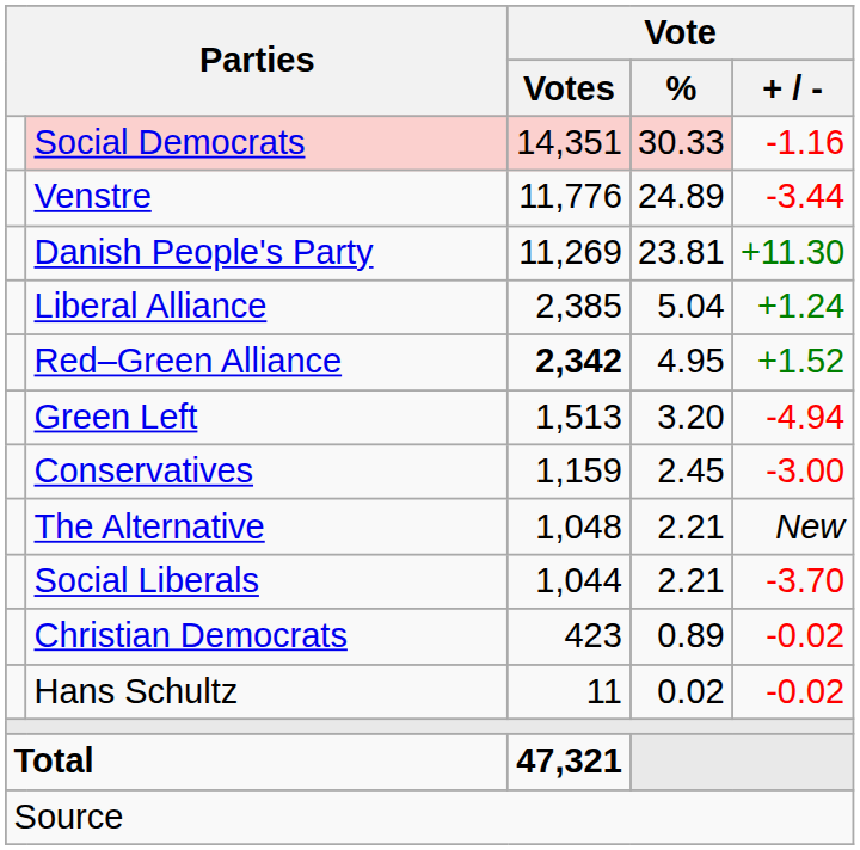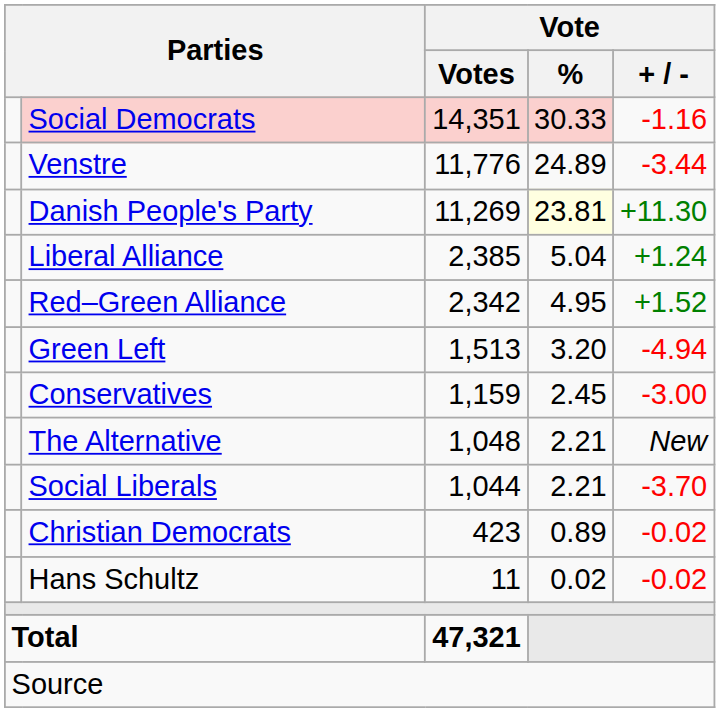 <table class="wikitable" style="text-align:right;">
 <tr>
 <th style="text-align:centre;" rowspan="2" colspan="2" width="225">Parties</th>
 <th colspan="3">Vote</th>
 </tr>
 <tr>
 <th width="15">Votes</th>
 <th width="15">%</th>
 <th width="15">+ / -</th>
 </tr>
 <tr>
 <td width="2" style="color:inherit;background:"></td>
 <td bgcolor=#fbd0ce  align="left"><a href='#'>Social Democrats</a></td>
 <td bgcolor=#fbd0ce>14,351</td>
 <td bgcolor=#fbd0ce>30.33</td>
 <td style=color:red;>-1.16</td>
 </tr>
 <tr>
 <td width="2" style="color:inherit;background:"></td>
 <td align="left"><a href='#'>Venstre</a></td>
 <td>11,776</td>
 <td>24.89</td>
 <td style=color:red;>-3.44</td>
 </tr>
 <tr>
 <td width="2" style="color:inherit;background:"></td>
 <td align="left"><a href='#'>Danish People's Party</a></td>
 <td>11,269</td>
-<td>23.81</td>
+<td style="background: lightyellow;">23.81</td>
 <td style=color:green;>+11.30</td>
 </tr>
 <tr>
 <td width="2" style="color:inherit;background:"></td>
 <td align="left"><a href='#'>Liberal Alliance</a></td>
 <td>2,385</td>
 <td>5.04</td>
 <td style=color:green;>+1.24</td>
 </tr>
 <tr>
 <td width="2" style="color:inherit;background:"></td>
 <td align="left"><a href='#'>Red–Green Alliance</a></td>
-<td><strong>2,342</strong></td>
+<td>2,342</td>
 <td>4.95</td>
 <td style=color:green;>+1.52</td>
 </tr>
 <tr>
 <td width="2" style="color:inherit;background:"></td>
 <td align="left"><a href='#'>Green Left</a></td>
 <td>1,513</td>
 <td>3.20</td>
 <td style=color:red;>-4.94</td>
 </tr>
 <tr>
 <td width="2" style="color:inherit;background:"></td>
 <td align="left"><a href='#'>Conservatives</a></td>
 <td>1,159</td>
 <td>2.45</td>
 <td style=color:red;>-3.00</td>
 </tr>
 <tr>
 <td width="2" style="color:inherit;background:"></td>
 <td align="left"><a href='#'>The Alternative</a></td>
 <td>1,048</td>
 <td>2.21</td>
 <td><em>New</em></td>
 </tr>
 <tr>
 <td width="2" style="color:inherit;background:"></td>
 <td align="left"><a href='#'>Social Liberals</a></td>
 <td>1,044</td>
 <td>2.21</td>
 <td style=color:red;>-3.70</td>
 </tr>
 <tr>
 <td width="2" style="color:inherit;background:"></td>
 <td align="left"><a href='#'>Christian Democrats</a></td>
 <td>423</td>
 <td>0.89</td>
 <td style=color:red;>-0.02</td>
 </tr>
 <tr>
 <td width="2" style="color:inherit;background:"></td>
 <td align="left">Hans Schultz</td>
 <td>11</td>
 <td>0.02</td>
 <td style=color:red;>-0.02</td>
 </tr>
 <tr>
 <td colspan="7" bgcolor="#E9E9E9"></td>
 </tr>
 <tr>
 <td align="left" colspan="2"><strong>Total</strong></td>
 <td><strong>47,321</strong></td>
 <td bgcolor="#E9E9E9" colspan="2"></td>
 </tr>
 <tr>
 <td align="left" colspan="6">Source</td>
 </tr>
 </table>
